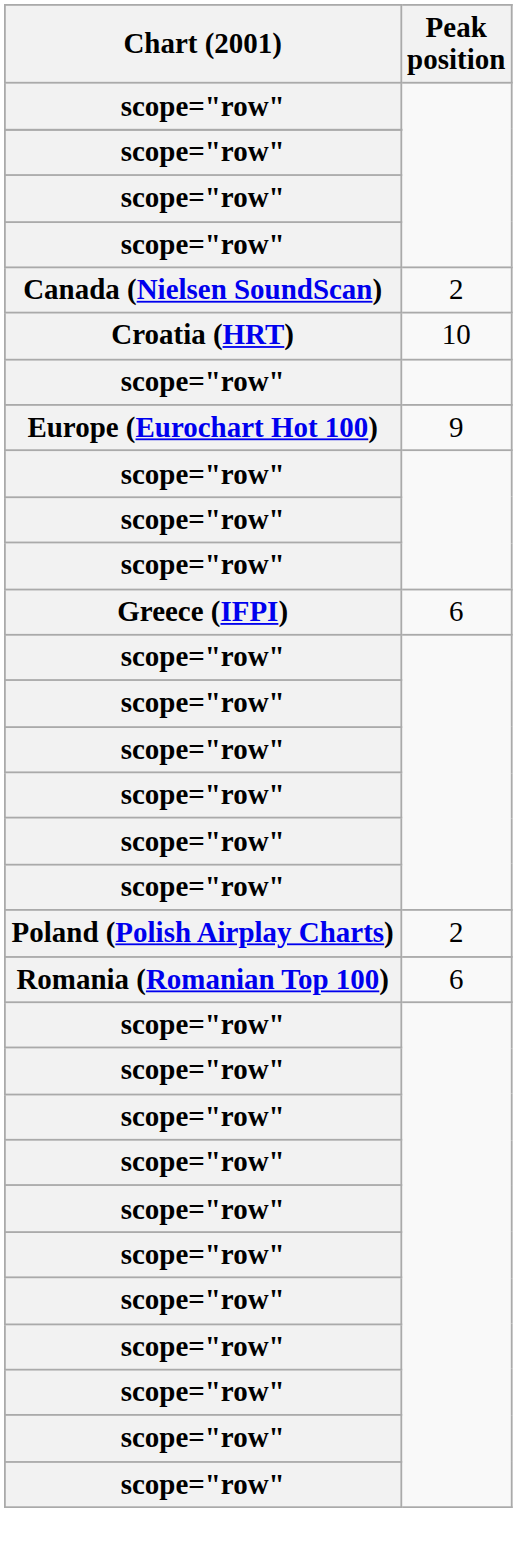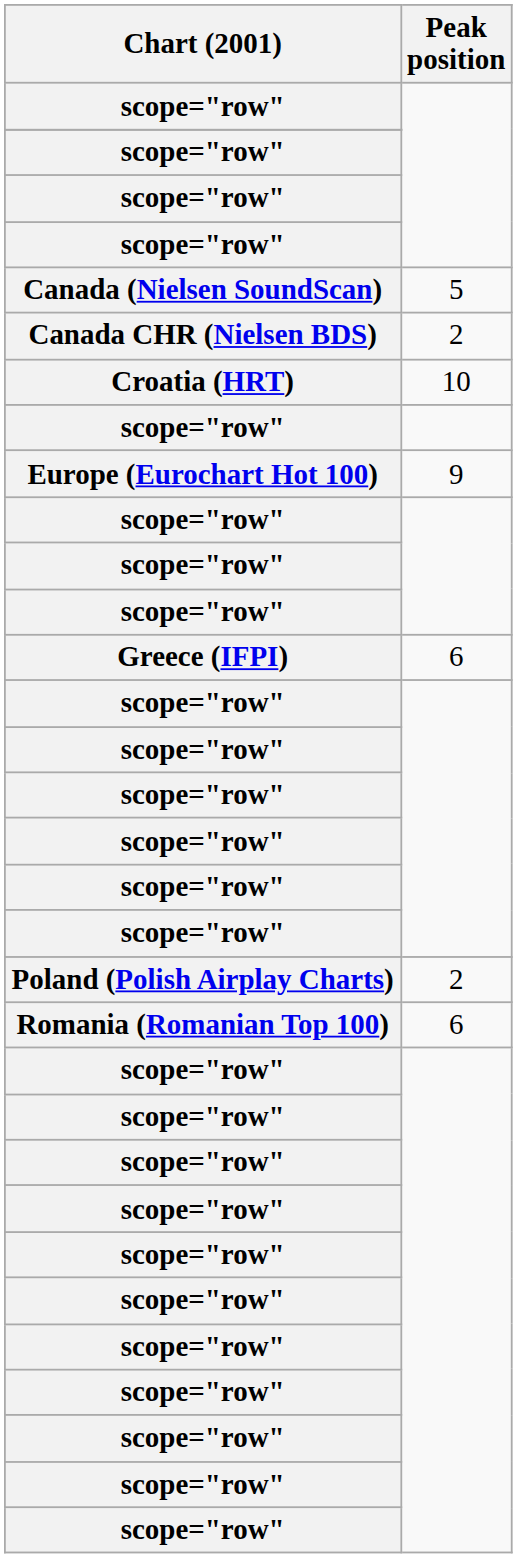 <table class="wikitable sortable plainrowheaders" style="text-align:center">
 <tr>
 <th scope="col">Chart (2001)</th>
 <th scope="col">Peak<br>position</th>
 </tr>
 <tr>
 <th>scope="row"</th>
 </tr>
 <tr>
 </tr>
 <tr>
 <th>scope="row"</th>
 </tr>
 <tr>
 <th>scope="row"</th>
 </tr>
 <tr>
 <th>scope="row"</th>
 </tr>
 <tr>
 <th scope="row">Canada (<a href='#'>Nielsen SoundScan</a>)</th>
+<td>5</td>
+</tr>
+<tr>
+<th scope="row">Canada CHR (<a href='#'>Nielsen BDS</a>)</th>
 <td>2</td>
 </tr>
 <tr>
 <th scope="row">Croatia (<a href='#'>HRT</a>)</th>
 <td>10</td>
 </tr>
 <tr>
 <th>scope="row"</th>
 </tr>
 <tr>
 <th scope="row">Europe (<a href='#'>Eurochart Hot 100</a>)</th>
 <td>9</td>
 </tr>
 <tr>
 <th>scope="row"</th>
 </tr>
 <tr>
 <th>scope="row"</th>
 </tr>
 <tr>
 <th>scope="row"</th>
 </tr>
 <tr>
 <th scope="row">Greece (<a href='#'>IFPI</a>)</th>
 <td>6</td>
 </tr>
 <tr>
 <th>scope="row"</th>
 </tr>
 <tr>
 <th>scope="row"</th>
 </tr>
 <tr>
 <th>scope="row"</th>
 </tr>
 <tr>
 <th>scope="row"</th>
 </tr>
 <tr>
 <th>scope="row"</th>
 </tr>
 <tr>
 <th>scope="row"</th>
 </tr>
 <tr>
 <th scope="row">Poland (<a href='#'>Polish Airplay Charts</a>)</th>
 <td>2</td>
 </tr>
 <tr>
 <th scope="row">Romania (<a href='#'>Romanian Top 100</a>)</th>
 <td>6</td>
 </tr>
 <tr>
 <th>scope="row"</th>
 </tr>
 <tr>
 <th>scope="row"</th>
 </tr>
 <tr>
 <th>scope="row"</th>
 </tr>
 <tr>
 <th>scope="row"</th>
 </tr>
 <tr>
 <th>scope="row"</th>
 </tr>
 <tr>
 <th>scope="row"</th>
 </tr>
 <tr>
 <th>scope="row"</th>
 </tr>
 <tr>
 <th>scope="row"</th>
 </tr>
 <tr>
 <th>scope="row"</th>
 </tr>
 <tr>
 <th>scope="row"</th>
 </tr>
 <tr>
 <th>scope="row"</th>
 </tr>
 </table>
